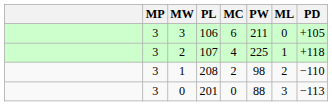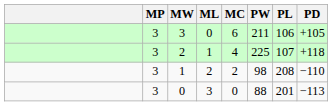 <table class=wikitable style="text-align:center">
 <tr>
 <th width=175></th>
 <th width=20>MP</th>
 <th width=20>MW</th>
-<th width=20>PL</th>
+<th width=20>ML</th>
 <th width=20>MC</th>
 <th width=20>PW</th>
-<th width=20>ML</th>
+<th width=20>PL</th>
 <th width=20>PD</th>
 </tr>
 <tr style="background-color:#ccffcc;">
 <td style="text-align:left;"></td>
 <td>3</td>
 <td>3</td>
-<td>106</td>
+<td>0</td>
 <td>6</td>
 <td>211</td>
-<td>0</td>
+<td>106</td>
 <td>+105</td>
 </tr>
 <tr style="background-color:#ccffcc;">
 <td style="text-align:left;"></td>
 <td>3</td>
 <td>2</td>
-<td>107</td>
+<td>1</td>
 <td>4</td>
 <td>225</td>
-<td>1</td>
+<td>107</td>
 <td>+118</td>
 </tr>
 <tr>
 <td style="text-align:left;"></td>
 <td>3</td>
 <td>1</td>
-<td>208</td>
+<td>2</td>
 <td>2</td>
 <td>98</td>
-<td>2</td>
+<td>208</td>
 <td>−110</td>
 </tr>
 <tr>
 <td style="text-align:left;"></td>
 <td>3</td>
 <td>0</td>
-<td>201</td>
+<td>3</td>
 <td>0</td>
 <td>88</td>
-<td>3</td>
+<td>201</td>
 <td>−113</td>
 </tr>
 </table>
